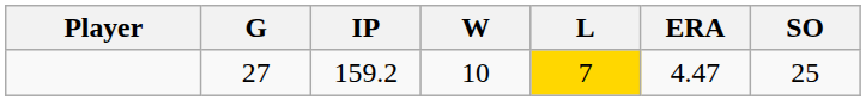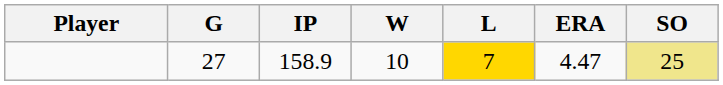 <table class="wikitable sortable">
 <tr>
 <th bgcolor="#DDDDFF" width="16%">Player</th>
 <th bgcolor="#DDDDFF" width="9%">G</th>
 <th bgcolor="#DDDDFF" width="9%">IP</th>
 <th bgcolor="#DDDDFF" width="9%">W</th>
 <th bgcolor="#DDDDFF" width="9%">L</th>
 <th bgcolor="#DDDDFF" width="9%">ERA</th>
 <th bgcolor="#DDDDFF" width="9%">SO</th>
 </tr>
 <tr align="center">
 <td></td>
 <td>27</td>
-<td>159.2</td>
+<td>158.9</td>
 <td>10</td>
 <td style="background: gold;">7</td>
 <td>4.47</td>
-<td>25</td>
+<td style="background: khaki;">25</td>
 </tr>
 </table>
